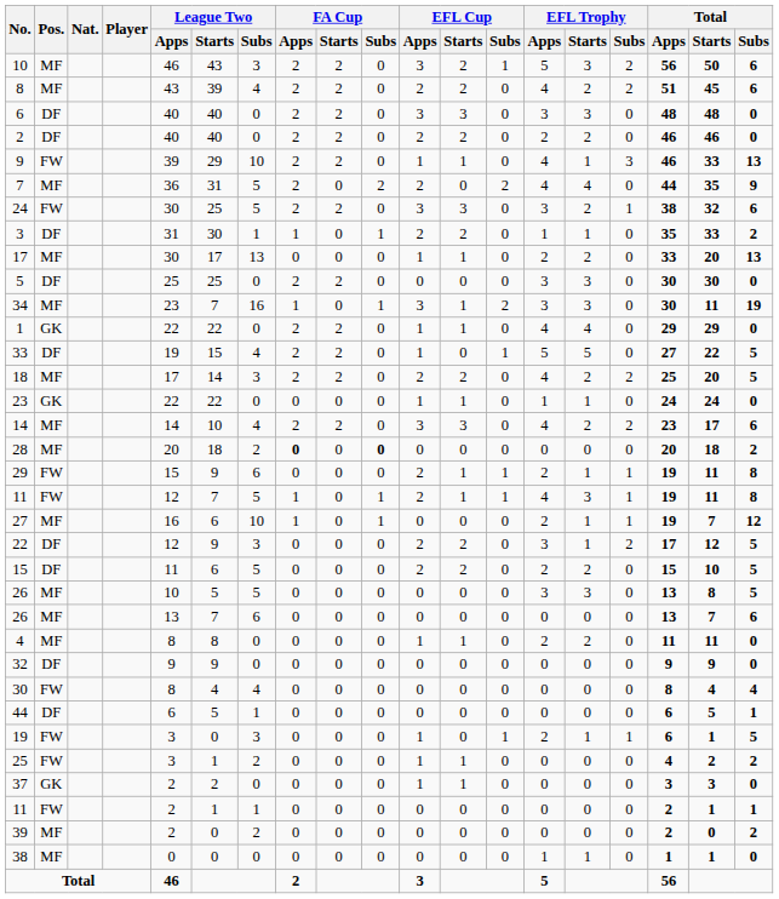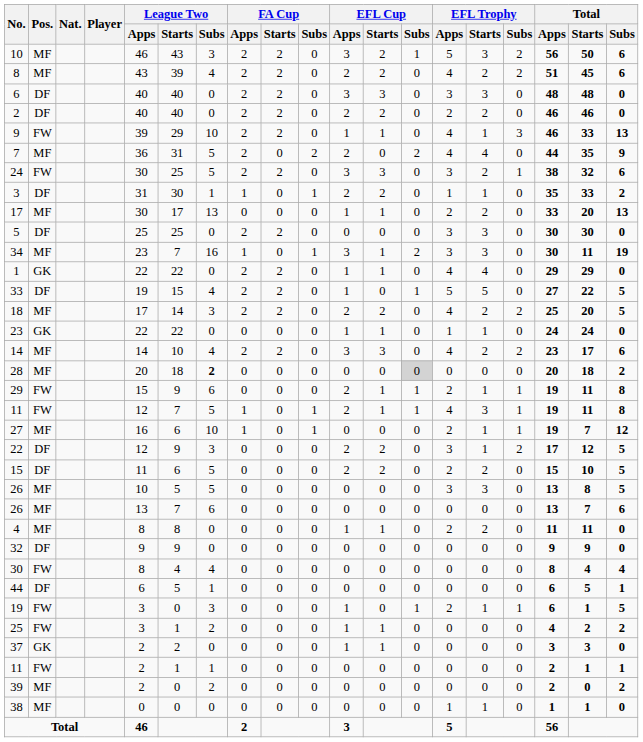 <table class="wikitable" style="text-align:center">
 <tr>
 <th rowspan="2">No.</th>
 <th rowspan="2">Pos.</th>
 <th rowspan="2">Nat.</th>
 <th rowspan="2">Player</th>
 <th colspan="3"><a href='#'>League Two</a></th>
 <th colspan="3"><a href='#'>FA Cup</a></th>
 <th colspan="3"><a href='#'>EFL Cup</a></th>
 <th colspan="3"><a href='#'>EFL Trophy</a></th>
 <th colspan="3">Total</th>
 </tr>
 <tr>
 <th>Apps</th>
 <th>Starts</th>
 <th>Subs</th>
 <th>Apps</th>
 <th>Starts</th>
 <th>Subs</th>
 <th>Apps</th>
 <th>Starts</th>
 <th>Subs</th>
 <th>Apps</th>
 <th>Starts</th>
 <th>Subs</th>
 <th>Apps</th>
 <th>Starts</th>
 <th>Subs</th>
 </tr>
 <tr>
 <td>10</td>
 <td>MF</td>
 <td></td>
 <td align=left></td>
 <td>46</td>
 <td>43</td>
 <td>3</td>
 <td>2</td>
 <td>2</td>
 <td>0</td>
 <td>3</td>
 <td>2</td>
 <td>1</td>
 <td>5</td>
 <td>3</td>
 <td>2</td>
 <td><strong>56</strong></td>
 <td><strong>50</strong></td>
 <td><strong>6</strong></td>
 </tr>
 <tr>
 <td>8</td>
 <td>MF</td>
 <td></td>
 <td align=left></td>
 <td>43</td>
 <td>39</td>
 <td>4</td>
 <td>2</td>
 <td>2</td>
 <td>0</td>
 <td>2</td>
 <td>2</td>
 <td>0</td>
 <td>4</td>
 <td>2</td>
 <td>2</td>
 <td><strong>51</strong></td>
 <td><strong>45</strong></td>
 <td><strong>6</strong></td>
 </tr>
 <tr>
 <td>6</td>
 <td>DF</td>
 <td></td>
 <td align=left></td>
 <td>40</td>
 <td>40</td>
 <td>0</td>
 <td>2</td>
 <td>2</td>
 <td>0</td>
 <td>3</td>
 <td>3</td>
 <td>0</td>
 <td>3</td>
 <td>3</td>
 <td>0</td>
 <td><strong>48</strong></td>
 <td><strong>48</strong></td>
 <td><strong>0</strong></td>
 </tr>
 <tr>
 <td>2</td>
 <td>DF</td>
 <td></td>
 <td align=left></td>
 <td>40</td>
 <td>40</td>
 <td>0</td>
 <td>2</td>
 <td>2</td>
 <td>0</td>
 <td>2</td>
 <td>2</td>
 <td>0</td>
 <td>2</td>
 <td>2</td>
 <td>0</td>
 <td><strong>46</strong></td>
 <td><strong>46</strong></td>
 <td><strong>0</strong></td>
 </tr>
 <tr>
 <td>9</td>
 <td>FW</td>
 <td></td>
 <td align=left></td>
 <td>39</td>
 <td>29</td>
 <td>10</td>
 <td>2</td>
 <td>2</td>
 <td>0</td>
 <td>1</td>
 <td>1</td>
 <td>0</td>
 <td>4</td>
 <td>1</td>
 <td>3</td>
 <td><strong>46</strong></td>
 <td><strong>33</strong></td>
 <td><strong>13</strong></td>
 </tr>
 <tr>
 <td>7</td>
 <td>MF</td>
 <td></td>
 <td align=left></td>
 <td>36</td>
 <td>31</td>
 <td>5</td>
 <td>2</td>
 <td>0</td>
 <td>2</td>
 <td>2</td>
 <td>0</td>
 <td>2</td>
 <td>4</td>
 <td>4</td>
 <td>0</td>
 <td><strong>44</strong></td>
 <td><strong>35</strong></td>
 <td><strong>9</strong></td>
 </tr>
 <tr>
 <td>24</td>
 <td>FW</td>
 <td></td>
 <td align=left></td>
 <td>30</td>
 <td>25</td>
 <td>5</td>
 <td>2</td>
 <td>2</td>
 <td>0</td>
 <td>3</td>
 <td>3</td>
 <td>0</td>
 <td>3</td>
 <td>2</td>
 <td>1</td>
 <td><strong>38</strong></td>
 <td><strong>32</strong></td>
 <td><strong>6</strong></td>
 </tr>
 <tr>
 <td>3</td>
 <td>DF</td>
 <td></td>
 <td align=left></td>
 <td>31</td>
 <td>30</td>
 <td>1</td>
 <td>1</td>
 <td>0</td>
 <td>1</td>
 <td>2</td>
 <td>2</td>
 <td>0</td>
 <td>1</td>
 <td>1</td>
 <td>0</td>
 <td><strong>35</strong></td>
 <td><strong>33</strong></td>
 <td><strong>2</strong></td>
 </tr>
 <tr>
 <td>17</td>
 <td>MF</td>
 <td></td>
 <td align=left></td>
 <td>30</td>
 <td>17</td>
 <td>13</td>
 <td>0</td>
 <td>0</td>
 <td>0</td>
 <td>1</td>
 <td>1</td>
 <td>0</td>
 <td>2</td>
 <td>2</td>
 <td>0</td>
 <td><strong>33</strong></td>
 <td><strong>20</strong></td>
 <td><strong>13</strong></td>
 </tr>
 <tr>
 <td>5</td>
 <td>DF</td>
 <td></td>
 <td align=left></td>
 <td>25</td>
 <td>25</td>
 <td>0</td>
 <td>2</td>
 <td>2</td>
 <td>0</td>
 <td>0</td>
 <td>0</td>
 <td>0</td>
 <td>3</td>
 <td>3</td>
 <td>0</td>
 <td><strong>30</strong></td>
 <td><strong>30</strong></td>
 <td><strong>0</strong></td>
 </tr>
 <tr>
 <td>34</td>
 <td>MF</td>
 <td></td>
 <td align=left></td>
 <td>23</td>
 <td>7</td>
 <td>16</td>
 <td>1</td>
 <td>0</td>
 <td>1</td>
 <td>3</td>
 <td>1</td>
 <td>2</td>
 <td>3</td>
 <td>3</td>
 <td>0</td>
 <td><strong>30</strong></td>
 <td><strong>11</strong></td>
 <td><strong>19</strong></td>
 </tr>
 <tr>
 <td>1</td>
 <td>GK</td>
 <td></td>
 <td align=left></td>
 <td>22</td>
 <td>22</td>
 <td>0</td>
 <td>2</td>
 <td>2</td>
 <td>0</td>
 <td>1</td>
 <td>1</td>
 <td>0</td>
 <td>4</td>
 <td>4</td>
 <td>0</td>
 <td><strong>29</strong></td>
 <td><strong>29</strong></td>
 <td><strong>0</strong></td>
 </tr>
 <tr>
 <td>33</td>
 <td>DF</td>
 <td></td>
 <td align=left></td>
 <td>19</td>
 <td>15</td>
 <td>4</td>
 <td>2</td>
 <td>2</td>
 <td>0</td>
 <td>1</td>
 <td>0</td>
 <td>1</td>
 <td>5</td>
 <td>5</td>
 <td>0</td>
 <td><strong>27</strong></td>
 <td><strong>22</strong></td>
 <td><strong>5</strong></td>
 </tr>
 <tr>
 <td>18</td>
 <td>MF</td>
 <td></td>
 <td align=left></td>
 <td>17</td>
 <td>14</td>
 <td>3</td>
 <td>2</td>
 <td>2</td>
 <td>0</td>
 <td>2</td>
 <td>2</td>
 <td>0</td>
 <td>4</td>
 <td>2</td>
 <td>2</td>
 <td><strong>25</strong></td>
 <td><strong>20</strong></td>
 <td><strong>5</strong></td>
 </tr>
 <tr>
 <td>23</td>
 <td>GK</td>
 <td></td>
 <td align=left></td>
 <td>22</td>
 <td>22</td>
 <td>0</td>
 <td>0</td>
 <td>0</td>
 <td>0</td>
 <td>1</td>
 <td>1</td>
 <td>0</td>
 <td>1</td>
 <td>1</td>
 <td>0</td>
 <td><strong>24</strong></td>
 <td><strong>24</strong></td>
 <td><strong>0</strong></td>
 </tr>
 <tr>
 <td>14</td>
 <td>MF</td>
 <td></td>
 <td align=left></td>
 <td>14</td>
 <td>10</td>
 <td>4</td>
 <td>2</td>
 <td>2</td>
 <td>0</td>
 <td>3</td>
 <td>3</td>
 <td>0</td>
 <td>4</td>
 <td>2</td>
 <td>2</td>
 <td><strong>23</strong></td>
 <td><strong>17</strong></td>
 <td><strong>6</strong></td>
 </tr>
 <tr>
 <td>28</td>
 <td>MF</td>
 <td></td>
 <td align=left></td>
 <td>20</td>
 <td>18</td>
-<td>2</td>
-<td><strong>0</strong></td>
-<td>0</td>
-<td><strong>0</strong></td>
+<td><strong>2</strong></td>
 <td>0</td>
 <td>0</td>
 <td>0</td>
+<td>0</td>
+<td>0</td>
+<td style="background: lightgrey;">0</td>
 <td>0</td>
 <td>0</td>
 <td>0</td>
 <td><strong>20</strong></td>
 <td><strong>18</strong></td>
 <td><strong>2</strong></td>
 </tr>
 <tr>
 <td>29</td>
 <td>FW</td>
 <td></td>
 <td align=left></td>
 <td>15</td>
 <td>9</td>
 <td>6</td>
 <td>0</td>
 <td>0</td>
 <td>0</td>
 <td>2</td>
 <td>1</td>
 <td>1</td>
 <td>2</td>
 <td>1</td>
 <td>1</td>
 <td><strong>19</strong></td>
 <td><strong>11</strong></td>
 <td><strong>8</strong></td>
 </tr>
 <tr>
 <td>11</td>
 <td>FW</td>
 <td></td>
 <td align=left></td>
 <td>12</td>
 <td>7</td>
 <td>5</td>
 <td>1</td>
 <td>0</td>
 <td>1</td>
 <td>2</td>
 <td>1</td>
 <td>1</td>
 <td>4</td>
 <td>3</td>
 <td>1</td>
 <td><strong>19</strong></td>
 <td><strong>11</strong></td>
 <td><strong>8</strong></td>
 </tr>
 <tr>
 <td>27</td>
 <td>MF</td>
 <td></td>
 <td align=left></td>
 <td>16</td>
 <td>6</td>
 <td>10</td>
 <td>1</td>
 <td>0</td>
 <td>1</td>
 <td>0</td>
 <td>0</td>
 <td>0</td>
 <td>2</td>
 <td>1</td>
 <td>1</td>
 <td><strong>19</strong></td>
 <td><strong>7</strong></td>
 <td><strong>12</strong></td>
 </tr>
 <tr>
 <td>22</td>
 <td>DF</td>
 <td></td>
 <td align=left></td>
 <td>12</td>
 <td>9</td>
 <td>3</td>
 <td>0</td>
 <td>0</td>
 <td>0</td>
 <td>2</td>
 <td>2</td>
 <td>0</td>
 <td>3</td>
 <td>1</td>
 <td>2</td>
 <td><strong>17</strong></td>
 <td><strong>12</strong></td>
 <td><strong>5</strong></td>
 </tr>
 <tr>
 <td>15</td>
 <td>DF</td>
 <td></td>
 <td align=left></td>
 <td>11</td>
 <td>6</td>
 <td>5</td>
 <td>0</td>
 <td>0</td>
 <td>0</td>
 <td>2</td>
 <td>2</td>
 <td>0</td>
 <td>2</td>
 <td>2</td>
 <td>0</td>
 <td><strong>15</strong></td>
 <td><strong>10</strong></td>
 <td><strong>5</strong></td>
 </tr>
 <tr>
 <td>26</td>
 <td>MF</td>
 <td></td>
 <td align=left></td>
 <td>10</td>
 <td>5</td>
 <td>5</td>
 <td>0</td>
 <td>0</td>
 <td>0</td>
 <td>0</td>
 <td>0</td>
 <td>0</td>
 <td>3</td>
 <td>3</td>
 <td>0</td>
 <td><strong>13</strong></td>
 <td><strong>8</strong></td>
 <td><strong>5</strong></td>
 </tr>
 <tr>
 <td>26</td>
 <td>MF</td>
 <td></td>
 <td align=left></td>
 <td>13</td>
 <td>7</td>
 <td>6</td>
 <td>0</td>
 <td>0</td>
 <td>0</td>
 <td>0</td>
 <td>0</td>
 <td>0</td>
 <td>0</td>
 <td>0</td>
 <td>0</td>
 <td><strong>13</strong></td>
 <td><strong>7</strong></td>
 <td><strong>6</strong></td>
 </tr>
 <tr>
 <td>4</td>
 <td>MF</td>
 <td></td>
 <td align=left></td>
 <td>8</td>
 <td>8</td>
 <td>0</td>
 <td>0</td>
 <td>0</td>
 <td>0</td>
 <td>1</td>
 <td>1</td>
 <td>0</td>
 <td>2</td>
 <td>2</td>
 <td>0</td>
 <td><strong>11</strong></td>
 <td><strong>11</strong></td>
 <td><strong>0</strong></td>
 </tr>
 <tr>
 <td>32</td>
 <td>DF</td>
 <td></td>
 <td align=left></td>
 <td>9</td>
 <td>9</td>
 <td>0</td>
 <td>0</td>
 <td>0</td>
 <td>0</td>
 <td>0</td>
 <td>0</td>
 <td>0</td>
 <td>0</td>
 <td>0</td>
 <td>0</td>
 <td><strong>9</strong></td>
 <td><strong>9</strong></td>
 <td><strong>0</strong></td>
 </tr>
 <tr>
 <td>30</td>
 <td>FW</td>
 <td></td>
 <td align=left></td>
 <td>8</td>
 <td>4</td>
 <td>4</td>
 <td>0</td>
 <td>0</td>
 <td>0</td>
 <td>0</td>
 <td>0</td>
 <td>0</td>
 <td>0</td>
 <td>0</td>
 <td>0</td>
 <td><strong>8</strong></td>
 <td><strong>4</strong></td>
 <td><strong>4</strong></td>
 </tr>
 <tr>
 <td>44</td>
 <td>DF</td>
 <td></td>
 <td align=left></td>
 <td>6</td>
 <td>5</td>
 <td>1</td>
 <td>0</td>
 <td>0</td>
 <td>0</td>
 <td>0</td>
 <td>0</td>
 <td>0</td>
 <td>0</td>
 <td>0</td>
 <td>0</td>
 <td><strong>6</strong></td>
 <td><strong>5</strong></td>
 <td><strong>1</strong></td>
 </tr>
 <tr>
 <td>19</td>
 <td>FW</td>
 <td></td>
 <td align=left></td>
 <td>3</td>
 <td>0</td>
 <td>3</td>
 <td>0</td>
 <td>0</td>
 <td>0</td>
 <td>1</td>
 <td>0</td>
 <td>1</td>
 <td>2</td>
 <td>1</td>
 <td>1</td>
 <td><strong>6</strong></td>
 <td><strong>1</strong></td>
 <td><strong>5</strong></td>
 </tr>
 <tr>
 <td>25</td>
 <td>FW</td>
 <td></td>
 <td align=left></td>
 <td>3</td>
 <td>1</td>
 <td>2</td>
 <td>0</td>
 <td>0</td>
 <td>0</td>
 <td>1</td>
 <td>1</td>
 <td>0</td>
 <td>0</td>
 <td>0</td>
 <td>0</td>
 <td><strong>4</strong></td>
 <td><strong>2</strong></td>
 <td><strong>2</strong></td>
 </tr>
 <tr>
 <td>37</td>
 <td>GK</td>
 <td></td>
 <td align=left></td>
 <td>2</td>
 <td>2</td>
 <td>0</td>
 <td>0</td>
 <td>0</td>
 <td>0</td>
 <td>1</td>
 <td>1</td>
 <td>0</td>
 <td>0</td>
 <td>0</td>
 <td>0</td>
 <td><strong>3</strong></td>
 <td><strong>3</strong></td>
 <td><strong>0</strong></td>
 </tr>
 <tr>
 <td>11</td>
 <td>FW</td>
 <td></td>
 <td align=left></td>
 <td>2</td>
 <td>1</td>
 <td>1</td>
 <td>0</td>
 <td>0</td>
 <td>0</td>
 <td>0</td>
 <td>0</td>
 <td>0</td>
 <td>0</td>
 <td>0</td>
 <td>0</td>
 <td><strong>2</strong></td>
 <td><strong>1</strong></td>
 <td><strong>1</strong></td>
 </tr>
 <tr>
 <td>39</td>
 <td>MF</td>
 <td></td>
 <td align=left></td>
 <td>2</td>
 <td>0</td>
 <td>2</td>
 <td>0</td>
 <td>0</td>
 <td>0</td>
 <td>0</td>
 <td>0</td>
 <td>0</td>
 <td>0</td>
 <td>0</td>
 <td>0</td>
 <td><strong>2</strong></td>
 <td><strong>0</strong></td>
 <td><strong>2</strong></td>
 </tr>
 <tr>
 <td>38</td>
 <td>MF</td>
 <td></td>
 <td align=left></td>
 <td>0</td>
 <td>0</td>
 <td>0</td>
 <td>0</td>
 <td>0</td>
 <td>0</td>
 <td>0</td>
 <td>0</td>
 <td>0</td>
 <td>1</td>
 <td>1</td>
 <td>0</td>
 <td><strong>1</strong></td>
 <td><strong>1</strong></td>
 <td><strong>0</strong></td>
 </tr>
 <tr class="sortbottom">
 <td colspan=4><strong>Total</strong></td>
 <td colspan=1><strong>46</strong></td>
 <td colspan=2></td>
 <td colspan=1><strong>2</strong></td>
 <td colspan=2></td>
 <td colspan=1><strong>3</strong></td>
 <td colspan=2></td>
 <td colspan=1><strong>5</strong></td>
 <td colspan=2></td>
 <td colspan=1><strong>56</strong></td>
 <td colspan=2></td>
 </tr>
 </table>
